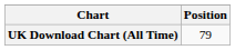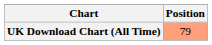 <table class="wikitable plainrowheaders" style="text-align:center">
 <tr>
 </tr>
 <tr>
 <th>Chart</th>
 <th>Position</th>
 </tr>
 <tr>
 <th scope="row">UK Download Chart (All Time)</th>
-<td>79</td>
+<td style="background: lightsalmon;">79</td>
 </tr>
 </table>
